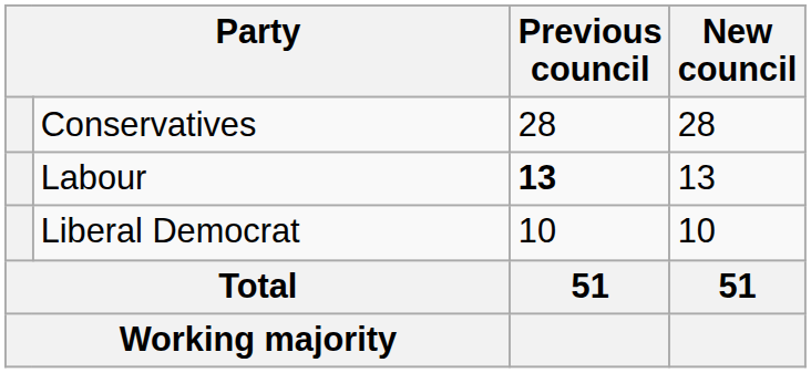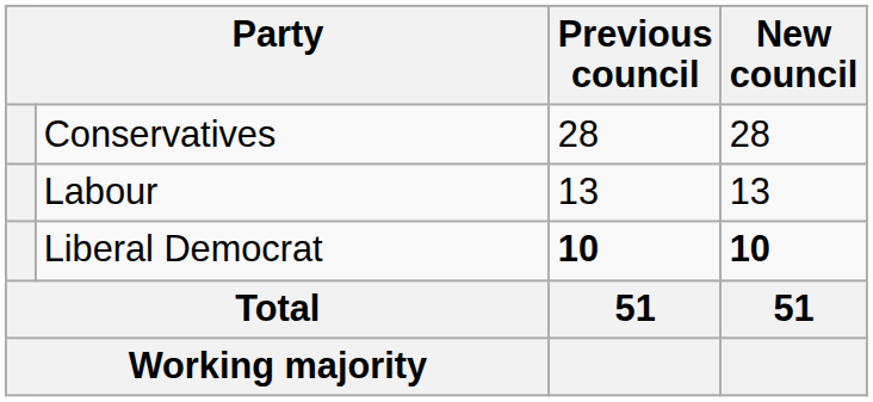 <table class="wikitable">
 <tr>
 <th valign=top colspan="2" style="width: 230px">Party</th>
 <th valign=top style="width: 30px">Previous council</th>
 <th valign=top style="width: 30px">New council</th>
 </tr>
 <tr>
 <th style="background-color: "></th>
 <td>Conservatives</td>
 <td>28</td>
 <td>28</td>
 </tr>
 <tr>
 <th style="background-color: "></th>
 <td>Labour</td>
-<td><strong>13</strong></td>
+<td>13</td>
 <td>13</td>
 </tr>
 <tr>
 <th style="background-color: "></th>
 <td>Liberal Democrat</td>
-<td>10</td>
-<td>10</td>
+<td><strong>10</strong></td>
+<td><strong>10</strong></td>
 </tr>
 <tr>
 <th colspan=2>Total</th>
 <th style="text-align: center">51</th>
 <th colspan=3>51</th>
 </tr>
 <tr>
 <th colspan=2>Working majority</th>
 <th></th>
 <th></th>
 </tr>
 </table>
